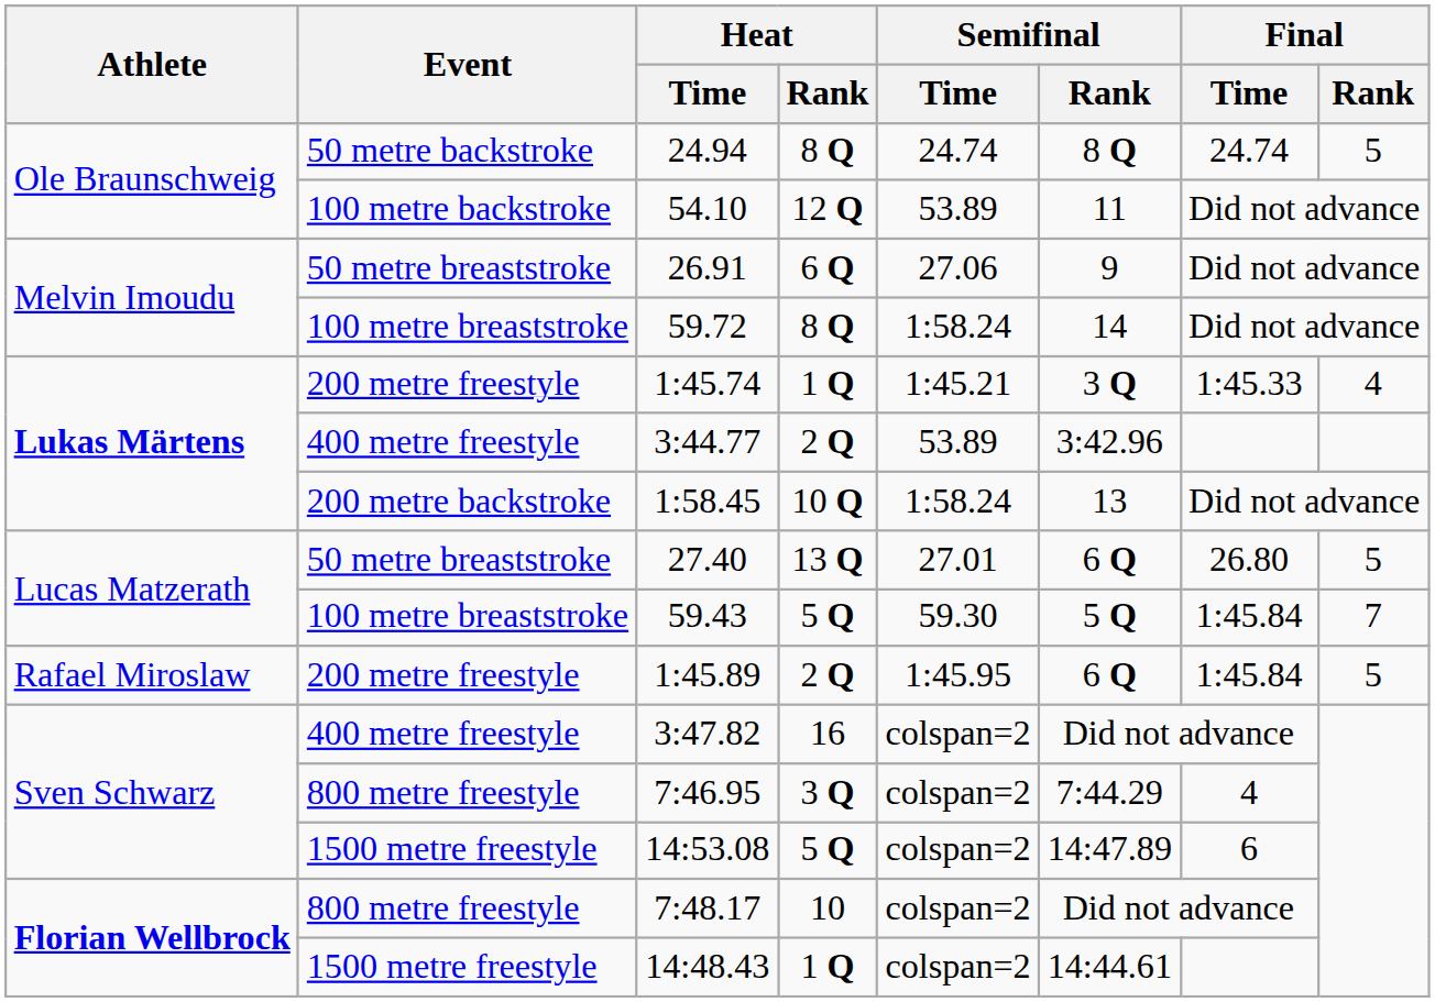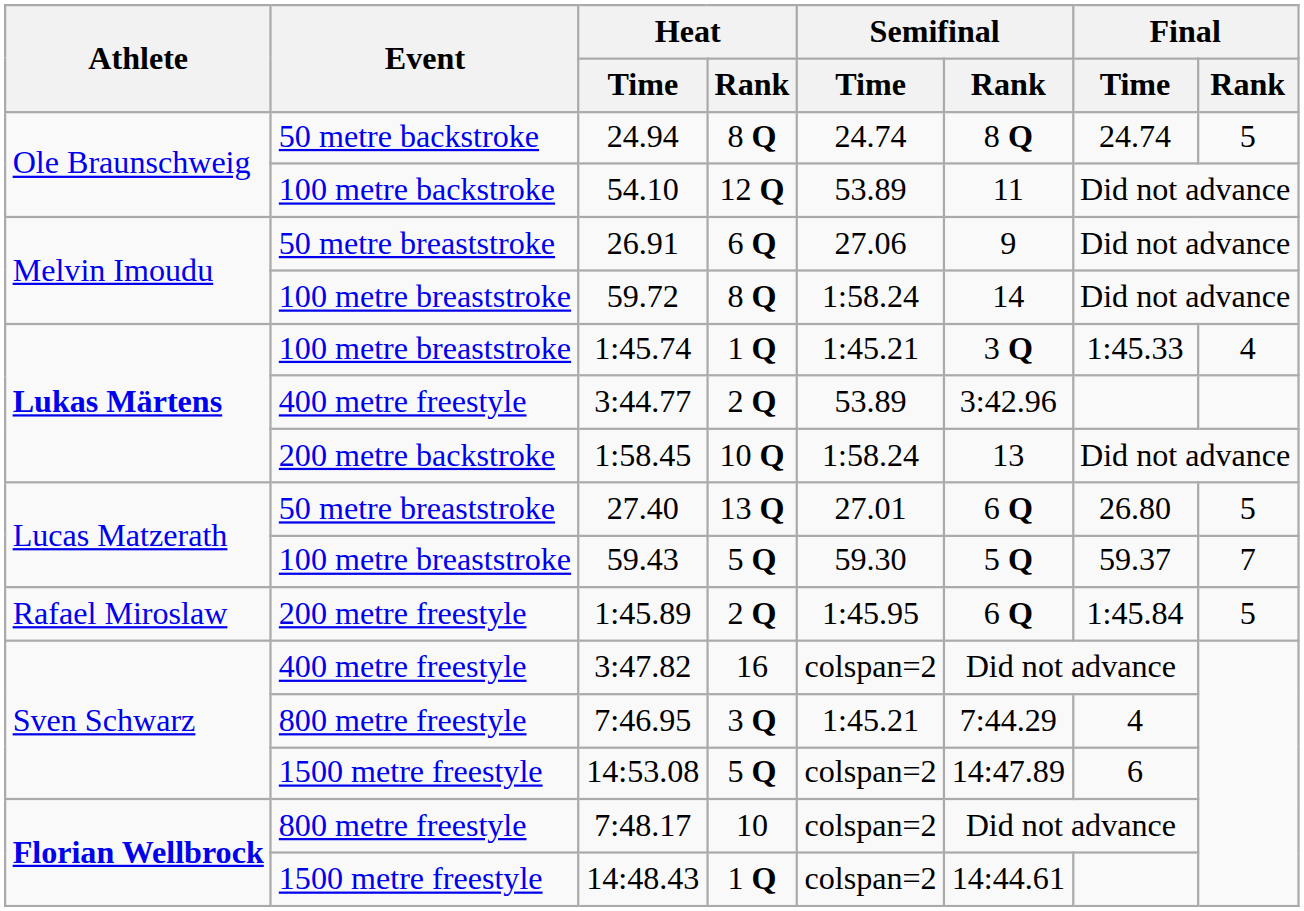 <table class="wikitable" style="font-size:90%;">
 <tr>
 <th rowspan="2">Athlete</th>
 <th rowspan="2">Event</th>
 <th colspan="2">Heat</th>
 <th colspan="2">Semifinal</th>
 <th colspan="2">Final</th>
 </tr>
 <tr>
 <th>Time</th>
 <th>Rank</th>
 <th>Time</th>
 <th>Rank</th>
 <th>Time</th>
 <th>Rank</th>
 </tr>
 <tr align=center>
 <td align=left rowspan=2><a href='#'>Ole Braunschweig</a></td>
 <td align=left><a href='#'>50 metre backstroke</a></td>
 <td>24.94</td>
 <td>8 <strong>Q</strong></td>
 <td>24.74</td>
 <td>8 <strong>Q</strong></td>
 <td>24.74</td>
 <td>5</td>
 </tr>
 <tr align=center>
 <td align=left><a href='#'>100 metre backstroke</a></td>
 <td>54.10</td>
 <td>12 <strong>Q</strong></td>
 <td>53.89</td>
 <td>11</td>
 <td colspan=2>Did not advance</td>
 </tr>
 <tr align=center>
 <td align=left rowspan=2><a href='#'>Melvin Imoudu</a></td>
 <td align=left><a href='#'>50 metre breaststroke</a></td>
 <td>26.91</td>
 <td>6 <strong>Q</strong></td>
 <td>27.06</td>
 <td>9</td>
 <td colspan=2>Did not advance</td>
 </tr>
 <tr align=center>
 <td align=left><a href='#'>100 metre breaststroke</a></td>
 <td>59.72</td>
 <td>8 <strong>Q</strong></td>
 <td>1:58.24</td>
 <td>14</td>
 <td colspan=2>Did not advance</td>
 </tr>
 <tr align=center>
 <td align=left rowspan=3><strong><a href='#'>Lukas Märtens</a></strong></td>
-<td align=left><a href='#'>200 metre freestyle</a></td>
+<td align=left><a href='#'>100 metre breaststroke</a></td>
 <td>1:45.74</td>
 <td>1 <strong>Q</strong></td>
 <td>1:45.21</td>
 <td>3 <strong>Q</strong></td>
 <td>1:45.33</td>
 <td>4</td>
 </tr>
 <tr align=center>
 <td align=left><a href='#'>400 metre freestyle</a></td>
 <td>3:44.77</td>
 <td>2 <strong>Q</strong></td>
 <td>53.89</td>
 <td>3:42.96</td>
 <td></td>
 </tr>
 <tr align=center>
 <td align=left><a href='#'>200 metre backstroke</a></td>
 <td>1:58.45</td>
 <td>10 <strong>Q</strong></td>
 <td>1:58.24</td>
 <td>13</td>
 <td colspan=2>Did not advance</td>
 </tr>
 <tr align=center>
 <td align=left rowspan=2><a href='#'>Lucas Matzerath</a></td>
 <td align=left><a href='#'>50 metre breaststroke</a></td>
 <td>27.40</td>
 <td>13 <strong>Q</strong></td>
 <td>27.01</td>
 <td>6 <strong>Q</strong></td>
 <td>26.80</td>
 <td>5</td>
 </tr>
 <tr align=center>
 <td align=left><a href='#'>100 metre breaststroke</a></td>
 <td>59.43</td>
 <td>5 <strong>Q</strong></td>
 <td>59.30</td>
 <td>5 <strong>Q</strong></td>
-<td>1:45.84</td>
+<td>59.37</td>
 <td>7</td>
 </tr>
 <tr align=center>
 <td align=left><a href='#'>Rafael Miroslaw</a></td>
 <td align=left><a href='#'>200 metre freestyle</a></td>
 <td>1:45.89</td>
 <td>2 <strong>Q</strong></td>
 <td>1:45.95</td>
 <td>6 <strong>Q</strong></td>
 <td>1:45.84</td>
 <td>5</td>
 </tr>
 <tr align=center>
 <td align=left rowspan=3><a href='#'>Sven Schwarz</a></td>
 <td align=left><a href='#'>400 metre freestyle</a></td>
 <td>3:47.82</td>
 <td>16</td>
 <td>colspan=2</td>
 <td colspan=2>Did not advance</td>
 </tr>
 <tr align=center>
 <td align=left><a href='#'>800 metre freestyle</a></td>
 <td>7:46.95</td>
 <td>3 <strong>Q</strong></td>
-<td>colspan=2</td>
+<td>1:45.21</td>
 <td>7:44.29</td>
 <td>4</td>
 </tr>
 <tr align=center>
 <td align=left><a href='#'>1500 metre freestyle</a></td>
 <td>14:53.08</td>
 <td>5 <strong>Q</strong></td>
 <td>colspan=2</td>
 <td>14:47.89</td>
 <td>6</td>
 </tr>
 <tr align=center>
 <td align=left rowspan=2><strong><a href='#'>Florian Wellbrock</a></strong></td>
 <td align=left><a href='#'>800 metre freestyle</a></td>
 <td>7:48.17</td>
 <td>10</td>
 <td>colspan=2</td>
 <td colspan=2>Did not advance</td>
 </tr>
 <tr align=center>
 <td align=left><a href='#'>1500 metre freestyle</a></td>
 <td>14:48.43</td>
 <td>1 <strong>Q</strong></td>
 <td>colspan=2</td>
 <td>14:44.61</td>
 <td></td>
 </tr>
 </table>
